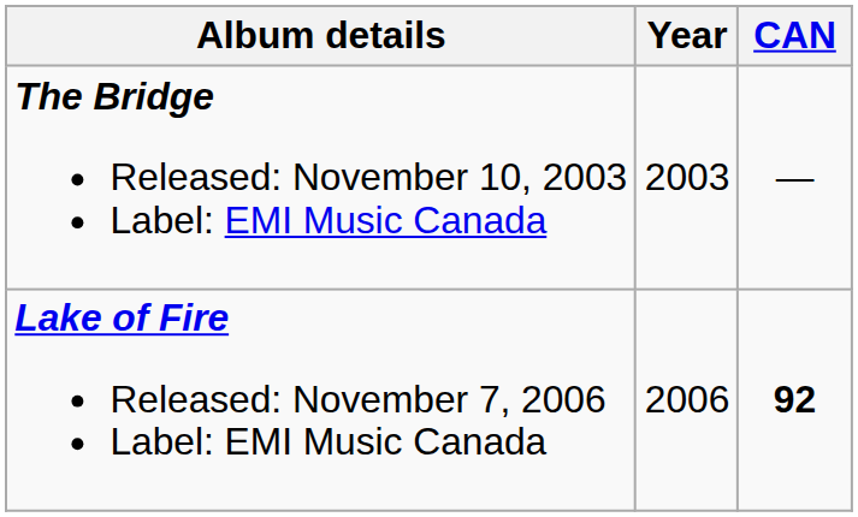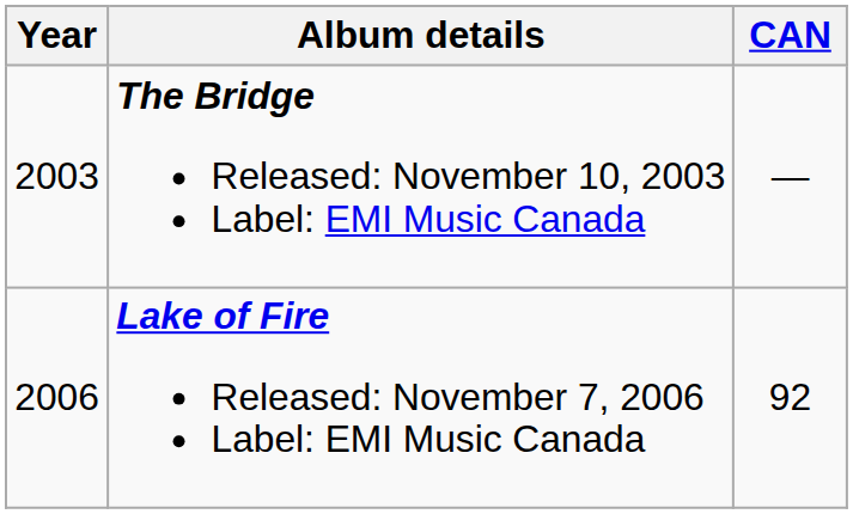 <table class="wikitable">
 <tr>
+<th>Year</th>
 <th>Album details</th>
-<th>Year</th>
 <th width="40"><a href='#'>CAN</a></th>
 </tr>
 <tr>
+<td>2003</td>
 <td><strong><em>The Bridge</em></strong><br><ul><li>Released: November 10, 2003</li><li>Label: <a href='#'>EMI Music Canada</a></li></ul></td>
-<td>2003</td>
 <td align="center">—</td>
 </tr>
 <tr>
+<td>2006</td>
 <td><strong><em><a href='#'>Lake of Fire</a></em></strong><br><ul><li>Released: November 7, 2006</li><li>Label: EMI Music Canada</li></ul></td>
-<td>2006</td>
-<td align="center"><strong>92</strong></td>
+<td align="center">92</td>
 </tr>
 </table>
